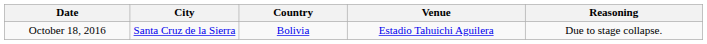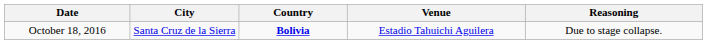 <table class="wikitable" style="text-align:center;">
 <tr>
 <th width="175">Date</th>
 <th width="150">City</th>
 <th width="150">Country</th>
 <th width="250">Venue</th>
 <th width="250">Reasoning</th>
 </tr>
 <tr>
 <td>October 18, 2016</td>
 <td><a href='#'>Santa Cruz de la Sierra</a></td>
-<td><a href='#'>Bolivia</a></td>
+<td><strong><a href='#'>Bolivia</a></strong></td>
 <td><a href='#'>Estadio Tahuichi Aguilera</a></td>
 <td rowspan="4">Due to stage collapse.</td>
 </tr>
 </table>
